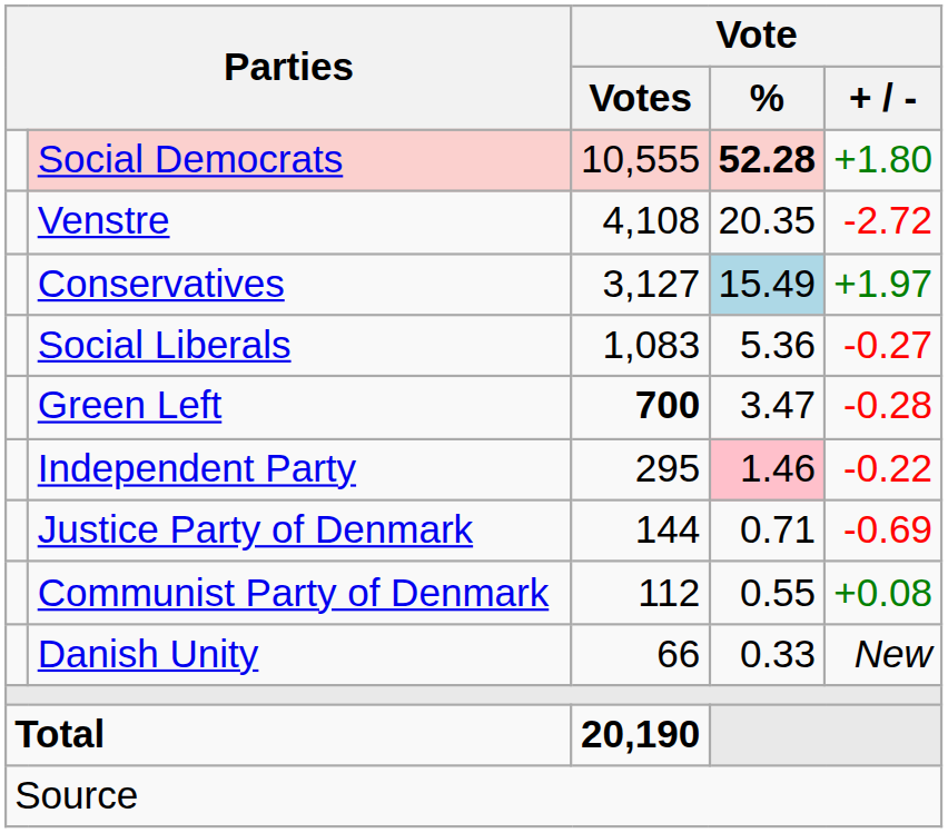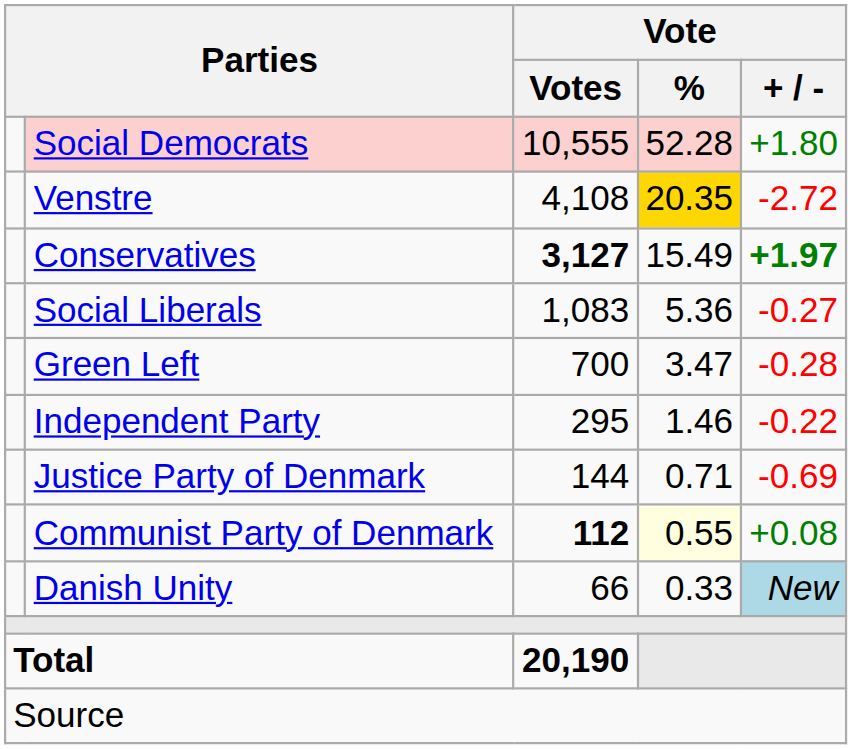 <table class="wikitable" style="text-align:right;">
 <tr>
 <th style="text-align:centre;" rowspan="2" colspan="2" width="225">Parties</th>
 <th colspan="3">Vote</th>
 </tr>
 <tr>
 <th width="15">Votes</th>
 <th width="15">%</th>
 <th width="15">+ / -</th>
 </tr>
 <tr>
 <td width="2" style="color:inherit;background:"></td>
 <td bgcolor=#fbd0ce  align="left"><a href='#'>Social Democrats</a></td>
 <td bgcolor=#fbd0ce>10,555</td>
-<td bgcolor=#fbd0ce><strong>52.28</strong></td>
+<td bgcolor=#fbd0ce>52.28</td>
 <td style=color:green;>+1.80</td>
 </tr>
 <tr>
 <td width="2" style="color:inherit;background:"></td>
 <td align="left"><a href='#'>Venstre</a></td>
 <td>4,108</td>
-<td>20.35</td>
+<td style="background: gold;">20.35</td>
 <td style=color:red;>-2.72</td>
 </tr>
 <tr>
 <td width="2" style="color:inherit;background:"></td>
 <td align="left"><a href='#'>Conservatives</a></td>
-<td>3,127</td>
-<td style="background: lightblue;">15.49</td>
-<td style=color:green;>+1.97</td>
+<td><strong>3,127</strong></td>
+<td>15.49</td>
+<td style=color:green;><strong>+1.97</strong></td>
 </tr>
 <tr>
 <td width="2" style="color:inherit;background:"></td>
 <td align="left"><a href='#'>Social Liberals</a></td>
 <td>1,083</td>
 <td>5.36</td>
 <td style=color:red;>-0.27</td>
 </tr>
 <tr>
 <td width="2" style="color:inherit;background:"></td>
 <td align="left"><a href='#'>Green Left</a></td>
-<td><strong>700</strong></td>
+<td>700</td>
 <td>3.47</td>
 <td style=color:red;>-0.28</td>
 </tr>
 <tr>
 <td width="2" style="color:inherit;background:"></td>
 <td align="left"><a href='#'>Independent Party</a></td>
 <td>295</td>
-<td style="background: pink;">1.46</td>
+<td>1.46</td>
 <td style=color:red;>-0.22</td>
 </tr>
 <tr>
 <td width="2" style="color:inherit;background:"></td>
 <td align="left"><a href='#'>Justice Party of Denmark</a></td>
 <td>144</td>
 <td>0.71</td>
 <td style=color:red;>-0.69</td>
 </tr>
 <tr>
 <td width="2" style="color:inherit;background:"></td>
 <td align="left"><a href='#'>Communist Party of Denmark</a></td>
-<td>112</td>
-<td>0.55</td>
+<td><strong>112</strong></td>
+<td style="background: lightyellow;">0.55</td>
 <td style=color:green;>+0.08</td>
 </tr>
 <tr>
 <td width="2" style="color:inherit;background:"></td>
 <td align="left"><a href='#'>Danish Unity</a></td>
 <td>66</td>
 <td>0.33</td>
-<td><em>New</em></td>
+<td style="background: lightblue;"><em>New</em></td>
 </tr>
 <tr>
 <td colspan="7" bgcolor="#E9E9E9"></td>
 </tr>
 <tr>
 <td align="left" colspan="2"><strong>Total</strong></td>
 <td><strong>20,190</strong></td>
 <td bgcolor="#E9E9E9" colspan="2"></td>
 </tr>
 <tr>
 <td align="left" colspan="6">Source</td>
 </tr>
 </table>
